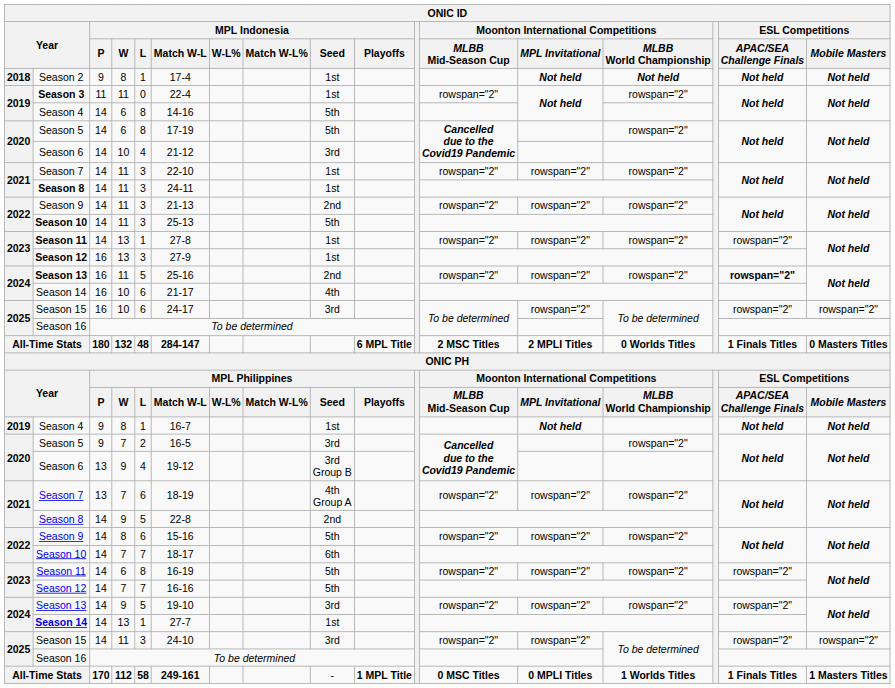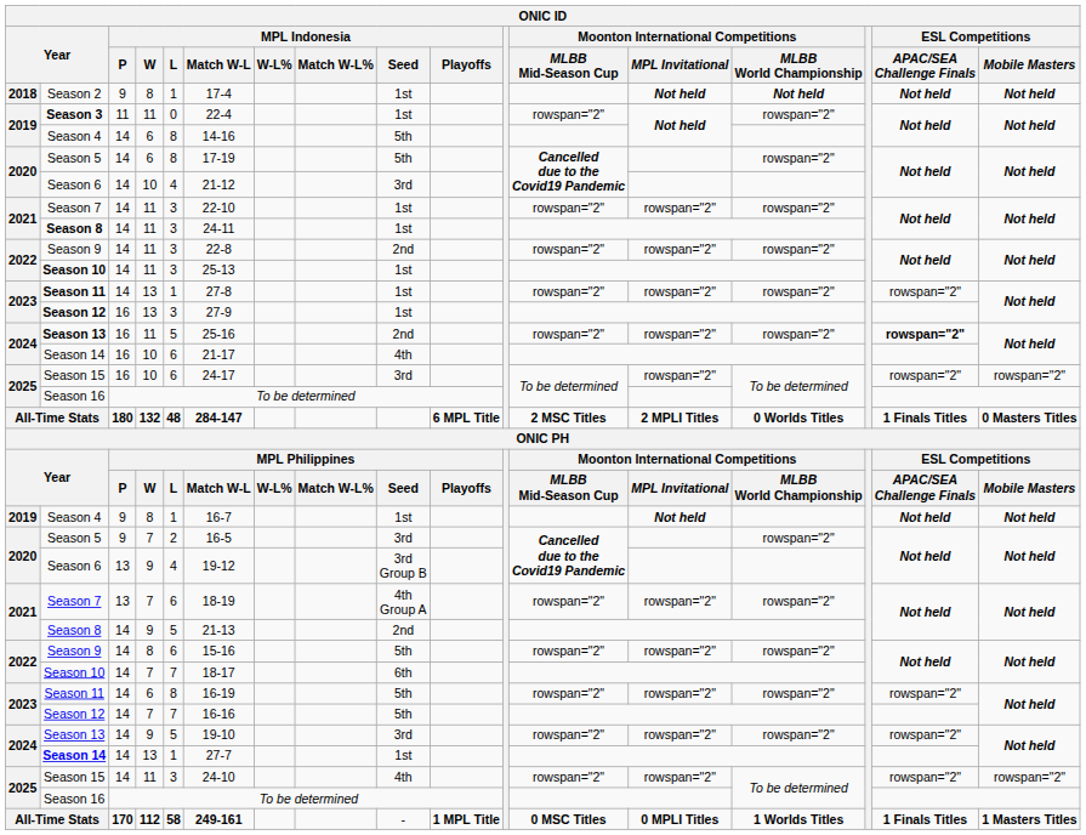 <table class="wikitable" style="font-size:80%; text-align:center;">
 <tr>
 <th colspan="17"> ONIC ID</th>
 </tr>
 <tr>
 <th colspan="2" rowspan="2">Year</th>
 <th colspan="8">MPL Indonesia</th>
 <th rowspan="18"></th>
 <th colspan="3">Moonton International Competitions</th>
 <th rowspan="18"></th>
 <th colspan="2">ESL Competitions</th>
 </tr>
 <tr>
 <th>P</th>
 <th>W</th>
 <th>L</th>
 <th>Match W-L</th>
 <th>W-L%</th>
 <th>Match W-L%</th>
 <th>Seed</th>
 <th>Playoffs</th>
 <th><em>MLBB</em> <br> Mid-Season Cup</th>
 <th><em>MPL Invitational</em></th>
 <th><em>MLBB</em> <br> World Championship</th>
 <th><em>APAC/SEA <br> Challenge Finals</em></th>
 <th><em> Mobile Masters</em></th>
 </tr>
 <tr>
 <th>2018</th>
 <td>Season 2</td>
 <td>9</td>
 <td>8</td>
 <td>1</td>
 <td>17-4</td>
 <td></td>
 <td></td>
 <td>1st</td>
 <td></td>
 <td></td>
 <td><strong><em>Not held</em></strong></td>
 <td><strong><em>Not held</em></strong></td>
 <td><strong><em>Not held</em></strong></td>
 <td><strong><em>Not held</em></strong></td>
 </tr>
 <tr>
 <th rowspan="2">2019</th>
 <td><strong>Season 3</strong></td>
 <td>11</td>
 <td>11</td>
 <td>0</td>
 <td>22-4</td>
 <td></td>
 <td></td>
 <td>1st</td>
 <td></td>
 <td>rowspan="2" </td>
 <td rowspan="2"><strong><em>Not held</em></strong></td>
 <td>rowspan="2" </td>
 <td rowspan="2"><strong><em>Not held</em></strong></td>
 <td rowspan="2"><strong><em>Not held</em></strong></td>
 </tr>
 <tr>
 <td>Season 4</td>
 <td>14</td>
 <td>6</td>
 <td>8</td>
 <td>14-16</td>
 <td></td>
 <td></td>
 <td>5th</td>
 <td></td>
 </tr>
 <tr>
 <th rowspan="2">2020</th>
 <td>Season 5</td>
 <td>14</td>
 <td>6</td>
 <td>8</td>
 <td>17-19</td>
 <td></td>
 <td></td>
 <td>5th</td>
 <td></td>
 <td rowspan="2" style="text-align:center;"><strong><em>Cancelled <br> due to the <br> Covid19 Pandemic</em></strong></td>
 <td></td>
 <td>rowspan="2" </td>
 <td rowspan="2"><strong><em>Not held</em></strong></td>
 <td rowspan="2"><strong><em>Not held</em></strong></td>
 </tr>
 <tr>
 <td>Season 6</td>
 <td>14</td>
 <td>10</td>
 <td>4</td>
 <td>21-12</td>
 <td></td>
 <td></td>
 <td>3rd</td>
 <td></td>
 <td></td>
 </tr>
 <tr>
 <th rowspan="2">2021</th>
 <td>Season 7</td>
 <td>14</td>
 <td>11</td>
 <td>3</td>
 <td>22-10</td>
 <td></td>
 <td></td>
 <td>1st</td>
 <td></td>
 <td>rowspan="2" </td>
 <td>rowspan="2" </td>
 <td>rowspan="2" </td>
 <td rowspan="2"><strong><em>Not held</em></strong></td>
 <td rowspan="2"><strong><em>Not held</em></strong></td>
 </tr>
 <tr>
 <td><strong>Season 8</strong></td>
 <td>14</td>
 <td>11</td>
 <td>3</td>
 <td>24-11</td>
 <td></td>
 <td></td>
 <td>1st</td>
 <td></td>
 </tr>
 <tr>
 <th rowspan="2">2022</th>
 <td>Season 9</td>
 <td>14</td>
 <td>11</td>
 <td>3</td>
-<td>21-13</td>
+<td>22-8</td>
 <td></td>
 <td></td>
 <td>2nd</td>
 <td></td>
 <td>rowspan="2" </td>
 <td>rowspan="2" </td>
 <td>rowspan="2" </td>
 <td rowspan="2"><strong><em>Not held</em></strong></td>
 <td rowspan="2"><strong><em>Not held</em></strong></td>
 </tr>
 <tr>
 <td><strong>Season 10</strong></td>
 <td>14</td>
 <td>11</td>
 <td>3</td>
 <td>25-13</td>
 <td></td>
 <td></td>
-<td>5th</td>
+<td>1st</td>
 <td></td>
 </tr>
 <tr>
 <th rowspan="2">2023</th>
 <td><strong>Season 11</strong></td>
 <td>14</td>
 <td>13</td>
 <td>1</td>
 <td>27-8</td>
 <td></td>
 <td></td>
 <td>1st</td>
 <td></td>
 <td>rowspan="2" </td>
 <td>rowspan="2" </td>
 <td>rowspan="2" </td>
 <td>rowspan="2" </td>
 <td rowspan="2"><strong><em>Not held</em></strong></td>
 </tr>
 <tr>
 <td><strong>Season 12</strong></td>
 <td>16</td>
 <td>13</td>
 <td>3</td>
 <td>27-9</td>
 <td></td>
 <td></td>
 <td>1st</td>
 <td></td>
 </tr>
 <tr>
 <th rowspan="2">2024</th>
 <td><strong>Season 13</strong></td>
 <td>16</td>
 <td>11</td>
 <td>5</td>
 <td>25-16</td>
 <td></td>
 <td></td>
 <td>2nd</td>
 <td></td>
 <td>rowspan="2" </td>
 <td>rowspan="2" </td>
 <td>rowspan="2" </td>
 <td><strong>rowspan="2" </strong></td>
 <td rowspan="2"><strong><em>Not held</em></strong></td>
 </tr>
 <tr>
 <td>Season 14</td>
 <td>16</td>
 <td>10</td>
 <td>6</td>
 <td>21-17</td>
 <td></td>
 <td></td>
 <td>4th</td>
 <td></td>
 </tr>
 <tr>
 <th rowspan="2">2025</th>
 <td>Season 15</td>
 <td>16</td>
 <td>10</td>
 <td>6</td>
 <td>24-17</td>
 <td></td>
 <td></td>
 <td>3rd</td>
 <td></td>
 <td rowspan="2"><em>To be determined</em></td>
 <td>rowspan="2" </td>
 <td rowspan="2"><em>To be determined</em></td>
 <td>rowspan="2" </td>
 <td>rowspan="2" </td>
 </tr>
 <tr>
 <td>Season 16</td>
 <td colspan="8"><em>To be determined</em></td>
 </tr>
 <tr>
 <th colspan="2">All-Time Stats</th>
 <td><strong>180</strong></td>
 <td><strong>132</strong></td>
 <td><strong>48</strong></td>
 <td><strong>284-147</strong></td>
 <td><strong></strong></td>
 <td><strong></strong></td>
 <td></td>
 <td><strong>6 MPL Title</strong></td>
 <td><strong>2 MSC Titles</strong></td>
 <td><strong>2 MPLI Titles</strong></td>
 <td><strong>0 Worlds Titles</strong></td>
 <td><strong>1 Finals Titles</strong></td>
 <td><strong>0 Masters Titles</strong></td>
 </tr>
 <tr>
 <th colspan="17"> ONIC PH</th>
 </tr>
 <tr>
 <th colspan="2" rowspan="2">Year</th>
 <th colspan="8">MPL Philippines</th>
 <th rowspan="17"></th>
 <th colspan="3">Moonton International Competitions</th>
 <th rowspan="17"></th>
 <th colspan="2">ESL Competitions</th>
 </tr>
 <tr>
 <th>P</th>
 <th>W</th>
 <th>L</th>
 <th>Match W-L</th>
 <th>W-L%</th>
 <th>Match W-L%</th>
 <th>Seed</th>
 <th>Playoffs</th>
 <th><em>MLBB</em> <br> Mid-Season Cup</th>
 <th><em>MPL Invitational</em></th>
 <th><em>MLBB</em> <br> World Championship</th>
 <th><em>APAC/SEA <br> Challenge Finals</em></th>
 <th><em>Mobile Masters</em></th>
 </tr>
 <tr>
 <th>2019</th>
 <td>Season 4</td>
 <td>9</td>
 <td>8</td>
 <td>1</td>
 <td>16-7</td>
 <td></td>
 <td></td>
 <td>1st</td>
 <td></td>
 <td></td>
 <td style="text-align:center;"><strong><em>Not held</em></strong></td>
 <td></td>
 <td><strong><em>Not held</em></strong></td>
 <td><strong><em>Not held</em></strong></td>
 </tr>
 <tr>
 <th rowspan="2">2020</th>
 <td>Season 5</td>
 <td>9</td>
 <td>7</td>
 <td>2</td>
 <td>16-5</td>
 <td></td>
 <td></td>
 <td>3rd</td>
 <td></td>
 <td rowspan="2" style="text-align:center;"><strong><em>Cancelled <br> due to the <br> Covid19 Pandemic</em></strong></td>
 <td></td>
 <td>rowspan="2" </td>
 <td rowspan="2"><strong><em>Not held</em></strong></td>
 <td rowspan="2"><strong><em>Not held</em></strong></td>
 </tr>
 <tr>
 <td>Season 6</td>
 <td>13</td>
 <td>9</td>
 <td>4</td>
 <td>19-12</td>
 <td></td>
 <td></td>
 <td>3rd <br> Group B</td>
 <td></td>
 <td></td>
 </tr>
 <tr>
 <th rowspan="2">2021</th>
 <td><a href='#'>Season 7</a></td>
 <td>13</td>
 <td>7</td>
 <td>6</td>
 <td>18-19</td>
 <td></td>
 <td></td>
 <td>4th <br> Group A</td>
 <td></td>
 <td>rowspan="2" </td>
 <td>rowspan="2" </td>
 <td>rowspan="2" </td>
 <td rowspan="2"><strong><em>Not held</em></strong></td>
 <td rowspan="2"><strong><em>Not held</em></strong></td>
 </tr>
 <tr>
 <td><a href='#'>Season 8</a></td>
 <td>14</td>
 <td>9</td>
 <td>5</td>
-<td>22-8</td>
+<td>21-13</td>
 <td></td>
 <td></td>
 <td>2nd</td>
 <td></td>
 </tr>
 <tr>
 <th rowspan="2">2022</th>
 <td><a href='#'>Season 9</a></td>
 <td>14</td>
 <td>8</td>
 <td>6</td>
 <td>15-16</td>
 <td></td>
 <td></td>
 <td>5th</td>
 <td></td>
 <td>rowspan="2" </td>
 <td>rowspan="2" </td>
 <td>rowspan="2" </td>
 <td rowspan="2"><strong><em>Not held</em></strong></td>
 <td rowspan="2"><strong><em>Not held</em></strong></td>
 </tr>
 <tr>
 <td><a href='#'>Season 10</a></td>
 <td>14</td>
 <td>7</td>
 <td>7</td>
 <td>18-17</td>
 <td></td>
 <td></td>
 <td>6th</td>
 <td></td>
 </tr>
 <tr>
 <th rowspan="2">2023</th>
 <td><a href='#'>Season 11</a></td>
 <td>14</td>
 <td>6</td>
 <td>8</td>
 <td>16-19</td>
 <td></td>
 <td></td>
 <td>5th</td>
 <td></td>
 <td>rowspan="2" </td>
 <td>rowspan="2" </td>
 <td>rowspan="2" </td>
 <td>rowspan="2" </td>
 <td rowspan="2"><strong><em>Not held</em></strong></td>
 </tr>
 <tr>
 <td><a href='#'>Season 12</a></td>
 <td>14</td>
 <td>7</td>
 <td>7</td>
 <td>16-16</td>
 <td></td>
 <td></td>
 <td>5th</td>
 <td></td>
 </tr>
 <tr>
 <th rowspan="2">2024</th>
 <td><a href='#'>Season 13</a></td>
 <td>14</td>
 <td>9</td>
 <td>5</td>
 <td>19-10</td>
 <td></td>
 <td></td>
 <td>3rd</td>
 <td></td>
 <td>rowspan="2" </td>
 <td>rowspan="2" </td>
 <td>rowspan="2" </td>
 <td>rowspan="2" </td>
 <td rowspan="2"><strong><em>Not held</em></strong></td>
 </tr>
 <tr>
 <td><a href='#'><strong>Season 14</strong></a></td>
 <td>14</td>
 <td>13</td>
 <td>1</td>
 <td>27-7</td>
 <td></td>
 <td></td>
 <td>1st</td>
 <td></td>
 </tr>
 <tr>
 <th rowspan="2">2025</th>
 <td>Season 15</td>
 <td>14</td>
 <td>11</td>
 <td>3</td>
 <td>24-10</td>
 <td></td>
 <td></td>
-<td>3rd</td>
+<td>4th</td>
 <td></td>
 <td>rowspan="2" </td>
 <td>rowspan="2" </td>
 <td rowspan="2"><em>To be determined</em></td>
 <td>rowspan="2" </td>
 <td>rowspan="2" </td>
 </tr>
 <tr>
 <td>Season 16</td>
 <td colspan="9"><em>To be determined</em></td>
 </tr>
 <tr>
 <th colspan="2">All-Time Stats</th>
 <td><strong>170</strong></td>
 <td><strong>112</strong></td>
 <td><strong>58</strong></td>
 <td><strong>249-161</strong></td>
 <td><strong></strong></td>
 <td><strong></strong></td>
 <td>-</td>
 <td><strong>1 MPL Title</strong></td>
 <td><strong>0 MSC Titles</strong></td>
 <td><strong>0 MPLI Titles</strong></td>
 <td><strong>1 Worlds Titles</strong></td>
 <td><strong>1 Finals Titles</strong></td>
 <td><strong>1 Masters Titles</strong></td>
 </tr>
 </table>
